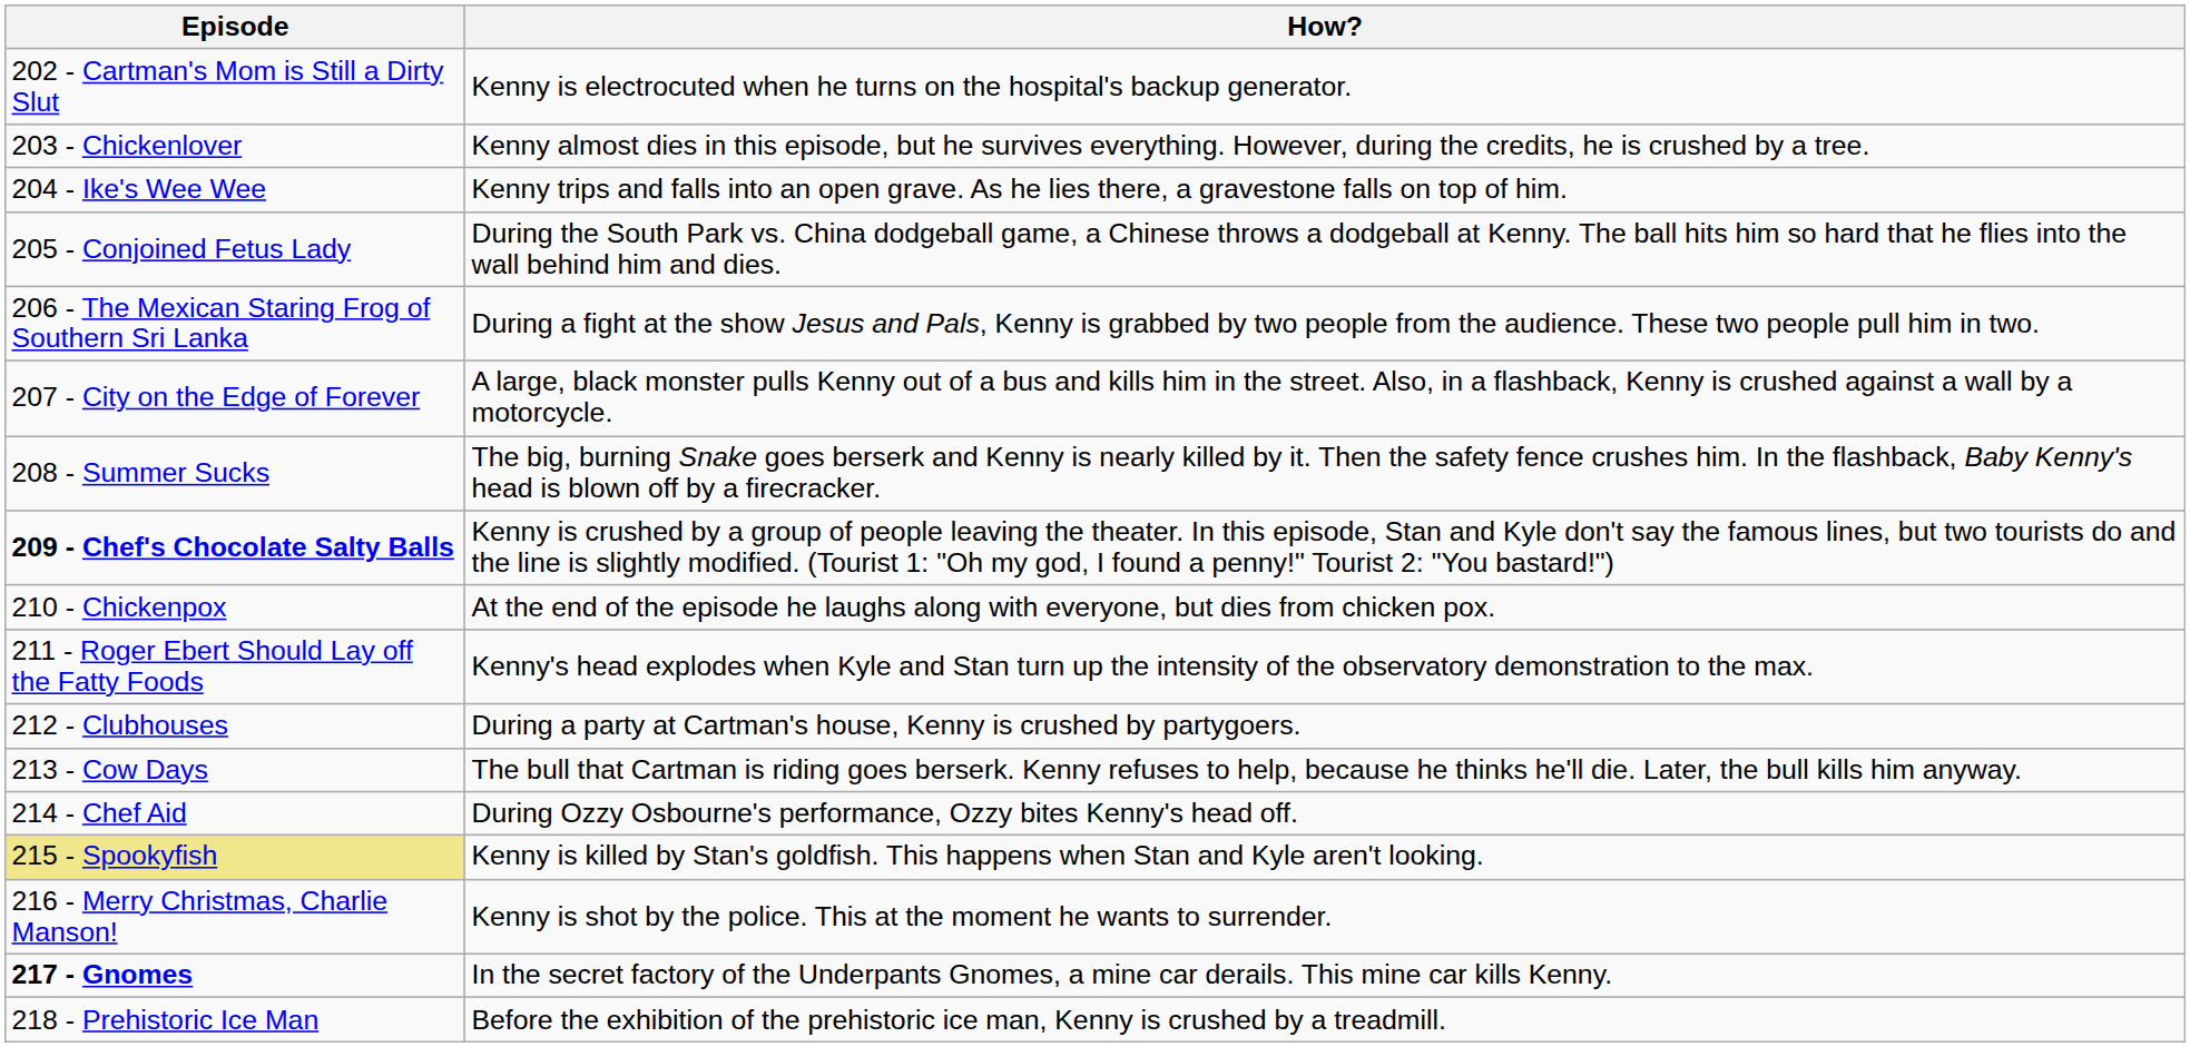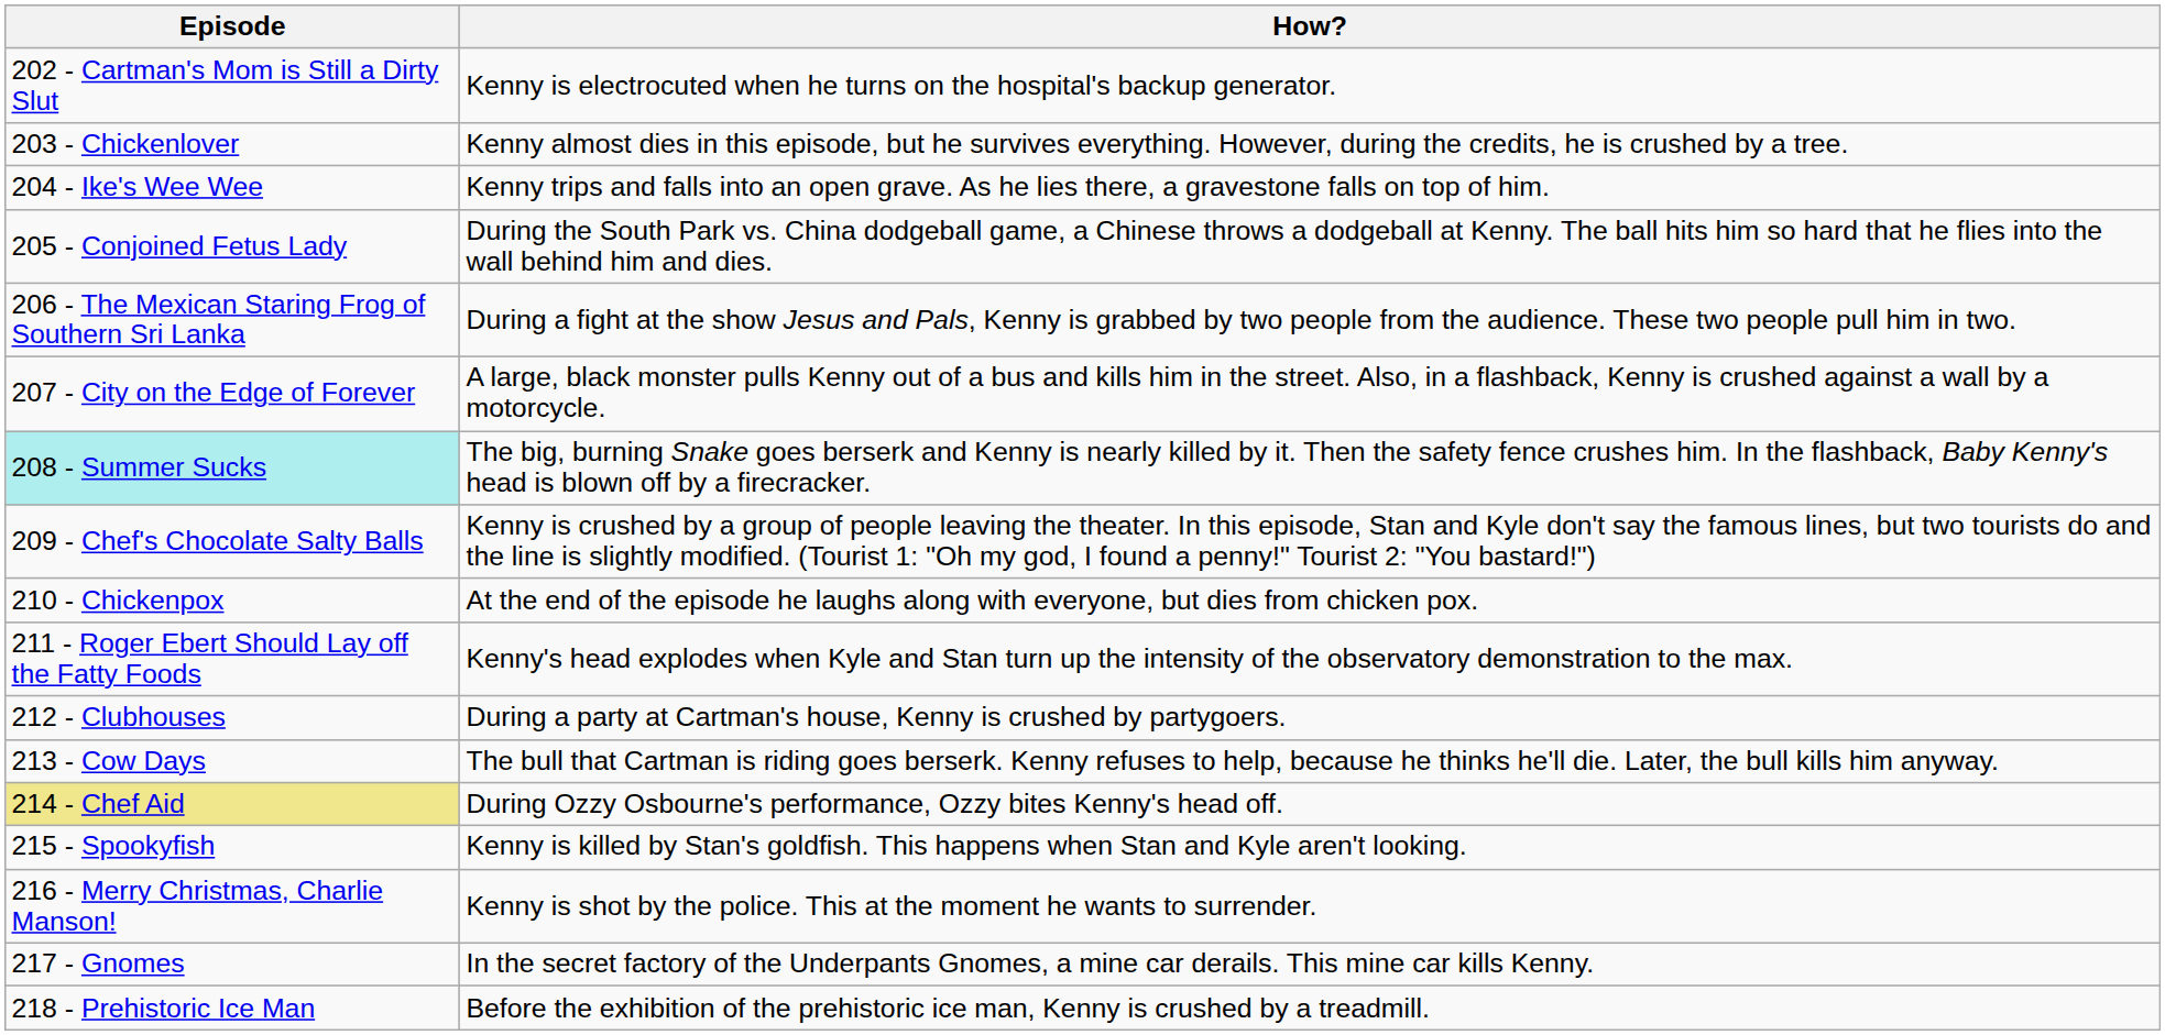 <table class="wikitable" width="100%">
 <tr>
 <th>Episode</th>
 <th>How?</th>
 </tr>
 <tr>
 <td>202 - <a href='#'>Cartman's Mom is Still a Dirty Slut</a></td>
 <td>Kenny is electrocuted when he turns on the hospital's backup generator.</td>
 </tr>
 <tr>
 <td>203 - <a href='#'>Chickenlover</a></td>
 <td>Kenny almost dies in this episode, but he survives everything. However, during the credits, he is crushed by a tree.</td>
 </tr>
 <tr>
 <td>204 - <a href='#'>Ike's Wee Wee</a></td>
 <td>Kenny trips and falls into an open grave. As he lies there, a gravestone falls on top of him.</td>
 </tr>
 <tr>
 <td>205 - <a href='#'>Conjoined Fetus Lady</a></td>
 <td>During the South Park vs. China dodgeball game, a Chinese throws a dodgeball at Kenny. The ball hits him so hard that he flies into the wall behind him and dies.</td>
 </tr>
 <tr>
 <td>206 - <a href='#'>The Mexican Staring Frog of Southern Sri Lanka</a></td>
 <td>During a fight at the show <em>Jesus and Pals</em>, Kenny is grabbed by two people from the audience. These two people pull him in two.</td>
 </tr>
 <tr>
 <td>207 - <a href='#'>City on the Edge of Forever</a></td>
 <td>A large, black monster pulls Kenny out of a bus and kills him in the street. Also, in a flashback, Kenny is crushed against a wall by a motorcycle.</td>
 </tr>
 <tr>
-<td>208 - <a href='#'>Summer Sucks</a></td>
+<td style="background: paleturquoise;">208 - <a href='#'>Summer Sucks</a></td>
 <td>The big, burning <em>Snake</em> goes berserk and Kenny is nearly killed by it. Then the safety fence crushes him. In the flashback, <em>Baby Kenny's</em> head is blown off by a firecracker.</td>
 </tr>
 <tr>
-<td><strong>209 - <a href='#'>Chef's Chocolate Salty Balls</a></strong></td>
+<td>209 - <a href='#'>Chef's Chocolate Salty Balls</a></td>
 <td>Kenny is crushed by a group of people leaving the theater. In this episode, Stan and Kyle don't say the famous lines, but two tourists do and the line is slightly modified. (Tourist 1: "Oh my god, I found a penny!" Tourist 2: "You bastard!")</td>
 </tr>
 <tr>
 <td>210 - <a href='#'>Chickenpox</a></td>
 <td>At the end of the episode he laughs along with everyone, but dies from chicken pox.</td>
 </tr>
 <tr>
 <td>211 - <a href='#'>Roger Ebert Should Lay off the Fatty Foods</a></td>
 <td>Kenny's head explodes when Kyle and Stan turn up the intensity of the observatory demonstration to the max.</td>
 </tr>
 <tr>
 <td>212 - <a href='#'>Clubhouses</a></td>
 <td>During a party at Cartman's house, Kenny is crushed by partygoers.</td>
 </tr>
 <tr>
 <td>213 - <a href='#'>Cow Days</a></td>
 <td>The bull that Cartman is riding goes berserk. Kenny refuses to help, because he thinks he'll die. Later, the bull kills him anyway.</td>
 </tr>
 <tr>
-<td>214 - <a href='#'>Chef Aid</a></td>
+<td style="background: khaki;">214 - <a href='#'>Chef Aid</a></td>
 <td>During Ozzy Osbourne's performance, Ozzy bites Kenny's head off.</td>
 </tr>
 <tr>
-<td style="background: khaki;">215 - <a href='#'>Spookyfish</a></td>
+<td>215 - <a href='#'>Spookyfish</a></td>
 <td>Kenny is killed by Stan's goldfish. This happens when Stan and Kyle aren't looking.</td>
 </tr>
 <tr>
 <td>216 - <a href='#'>Merry Christmas, Charlie Manson!</a></td>
 <td>Kenny is shot by the police. This at the moment he wants to surrender.</td>
 </tr>
 <tr>
-<td><strong>217 - <a href='#'>Gnomes</a></strong></td>
+<td>217 - <a href='#'>Gnomes</a></td>
 <td>In the secret factory of the Underpants Gnomes, a mine car derails. This mine car kills Kenny.</td>
 </tr>
 <tr>
 <td>218 - <a href='#'>Prehistoric Ice Man</a></td>
 <td>Before the exhibition of the prehistoric ice man, Kenny is crushed by a treadmill.</td>
 </tr>
 </table>
